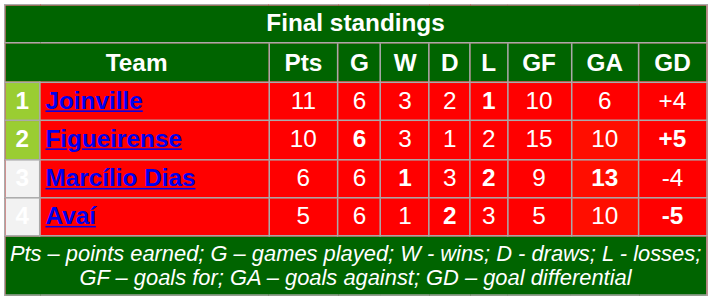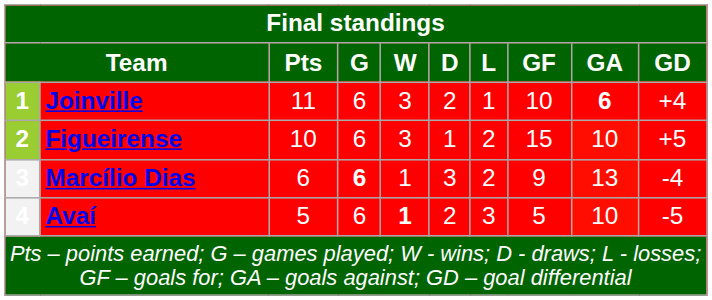 <table class="wikitable" style="text-align:center; color:white; background:#ff0000">
 <tr>
 <th style="background:#006400" colspan="10">Final standings</th>
 </tr>
 <tr>
 <th style="background:#006400" colspan="2">Team</th>
 <th style="background:#006400">Pts</th>
 <th style="background:#006400">G</th>
 <th style="background:#006400">W</th>
 <th style="background:#006400">D</th>
 <th style="background:#006400">L</th>
 <th style="background:#006400">GF</th>
 <th style="background:#006400">GA</th>
 <th style="background:#006400">GD</th>
 </tr>
 <tr>
 <th style="background:#9ACD32">1</th>
 <td align="left"><a href='#'><span><strong>Joinville</strong></span></a></td>
 <td bgcolor=#ff0000 align="center"><span>11</span></td>
 <td bgcolor=#ff0000 align="center"><span>6</span></td>
 <td bgcolor=#ff0000 align="center"><span>3</span></td>
 <td bgcolor=#ff0000 align="center"><span>2</span></td>
-<td bgcolor=#ff0000 align="center"><strong><span>1</span></strong></td>
+<td bgcolor=#ff0000 align="center"><span>1</span></td>
 <td bgcolor=#ff0000 align="center"><span>10</span></td>
-<td bgcolor=#ff0000 align="center"><span>6</span></td>
+<td bgcolor=#ff0000 align="center"><strong><span>6</span></strong></td>
 <td bgcolor=#ff0000 align="center"><span>+4</span></td>
 </tr>
 <tr>
 <th style="background:#9ACD32">2</th>
 <td align="left"><a href='#'><span> <strong>Figueirense</strong></span></a></td>
 <td bgcolor=#ff0000 align="center"><span>10</span></td>
-<td bgcolor=#ff0000 align="center"><strong><span>6</span></strong></td>
+<td bgcolor=#ff0000 align="center"><span>6</span></td>
 <td bgcolor=#ff0000 align="center"><span>3</span></td>
 <td bgcolor=#ff0000 align="center"><span>1</span></td>
 <td bgcolor=#ff0000 align="center"><span>2</span></td>
 <td bgcolor=#ff0000 align="center"><span>15</span></td>
 <td bgcolor=#ff0E00 align="center"><span>10</span></td>
-<td bgcolor=#ff0000 align="center"><strong><span>+5</span></strong></td>
+<td bgcolor=#ff0000 align="center"><span>+5</span></td>
 </tr>
 <tr>
 <th>3</th>
 <td align="left"><a href='#'><span><strong>Marcílio Dias</strong></span></a></td>
 <td bgcolor=#ff0000 align="center"><span>6</span></td>
-<td bgcolor=#ff0000 align="center"><span>6</span></td>
-<td bgcolor=#ff0000 align="center"><strong><span>1</span></strong></td>
+<td bgcolor=#ff0000 align="center"><strong><span>6</span></strong></td>
+<td bgcolor=#ff0000 align="center"><span>1</span></td>
 <td bgcolor=#ff0000 align="center"><span>3</span></td>
-<td bgcolor=#ff0000 align="center"><strong><span>2</span></strong></td>
+<td bgcolor=#ff0000 align="center"><span>2</span></td>
 <td bgcolor=#ff0000 align="center"><span>9</span></td>
-<td bgcolor=#ff0E00 align="center"><strong><span>13</span></strong></td>
+<td bgcolor=#ff0E00 align="center"><span>13</span></td>
 <td bgcolor=#ff0000 align="center"><span>-4</span></td>
 </tr>
 <tr>
 <th>4</th>
 <td align="left"><a href='#'><span><strong>Avaí</strong></span></a></td>
 <td bgcolor=#ff0000 align="center"><span>5</span></td>
 <td bgcolor=#ff0000 align="center"><span>6</span></td>
-<td bgcolor=#ff0000 align="center"><span>1</span></td>
-<td bgcolor=#ff0000 align="center"><strong><span>2</span></strong></td>
+<td bgcolor=#ff0000 align="center"><strong><span>1</span></strong></td>
+<td bgcolor=#ff0000 align="center"><span>2</span></td>
 <td bgcolor=#ff0000 align="center"><span>3</span></td>
 <td bgcolor=#ff0000 align="center"><span>5</span></td>
 <td bgcolor=#ff0E00 align="center"><span>10</span></td>
-<td bgcolor=#ff0000 align="center"><strong><span>-5</span></strong></td>
+<td bgcolor=#ff0000 align="center"><span>-5</span></td>
 </tr>
 <tr>
 <td colspan="10" style="background:#006400; font-size:90%; font-style:italic">Pts – points earned; G – games played; W - wins; D - draws; L - losses;<br>GF – goals for; GA – goals against; GD – goal differential</td>
 </tr>
 </table>
